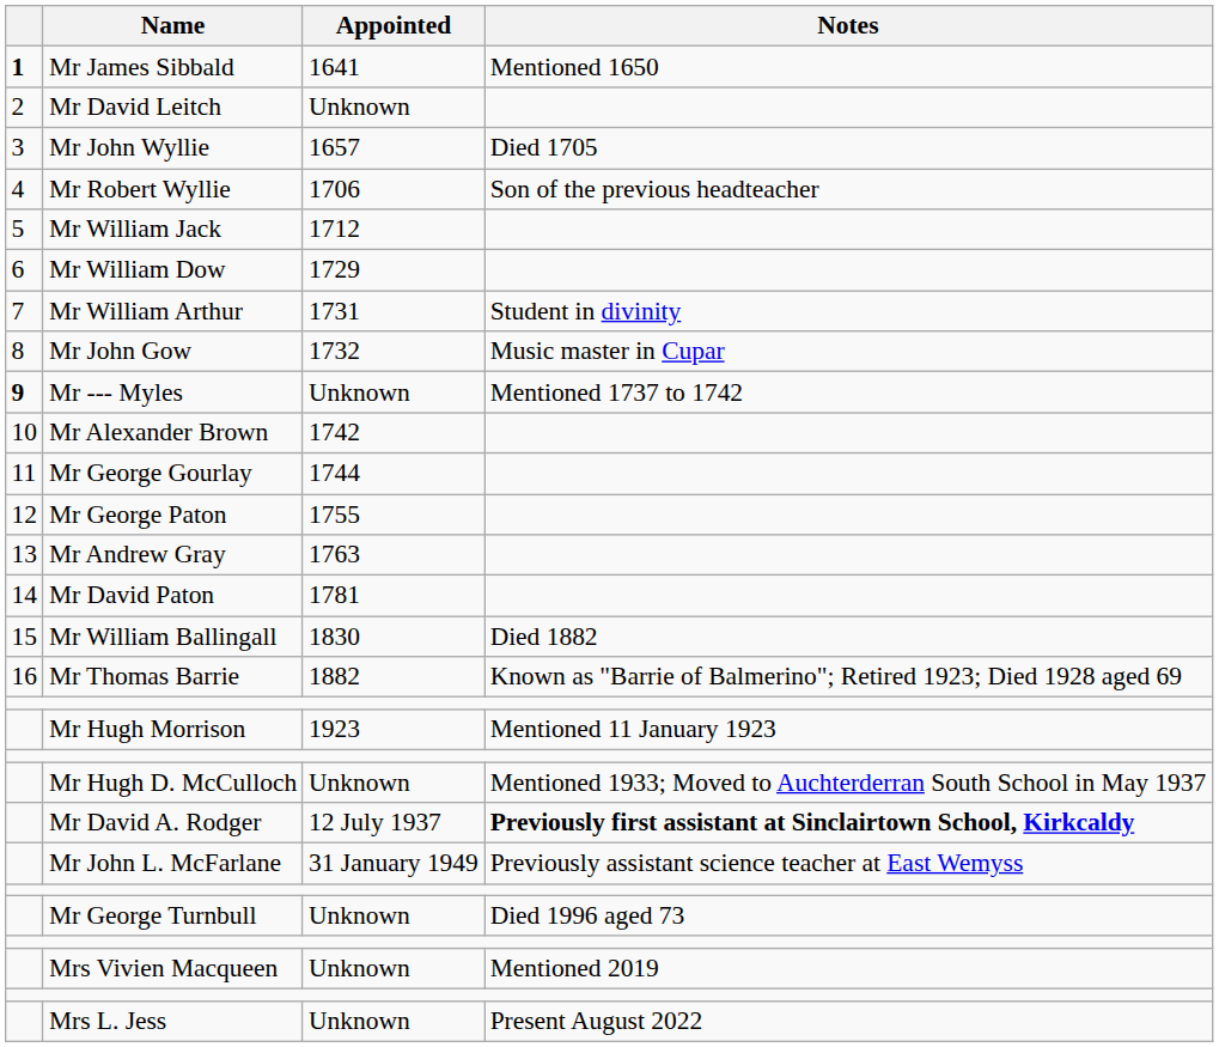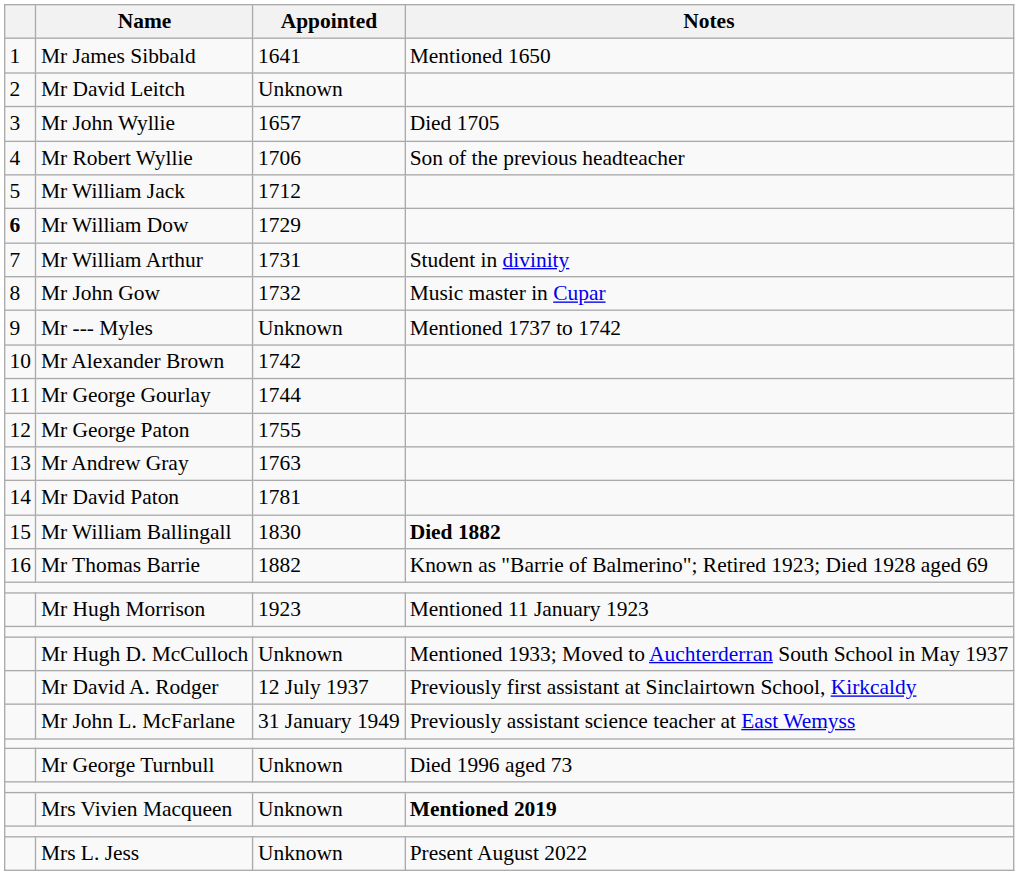 <table class="wikitable">
 <tr>
 <th></th>
 <th>Name</th>
 <th>Appointed</th>
 <th>Notes</th>
 </tr>
 <tr>
-<td><strong>1</strong></td>
+<td>1</td>
 <td>Mr James Sibbald</td>
 <td>1641</td>
 <td>Mentioned 1650</td>
 </tr>
 <tr>
 <td>2</td>
 <td>Mr David Leitch</td>
 <td>Unknown</td>
 <td></td>
 </tr>
 <tr>
 <td>3</td>
 <td>Mr John Wyllie</td>
 <td>1657</td>
 <td>Died 1705</td>
 </tr>
 <tr>
 <td>4</td>
 <td>Mr Robert Wyllie</td>
 <td>1706</td>
 <td>Son of the previous headteacher</td>
 </tr>
 <tr>
 <td>5</td>
 <td>Mr William Jack</td>
 <td>1712</td>
 <td></td>
 </tr>
 <tr>
-<td>6</td>
+<td><strong>6</strong></td>
 <td>Mr William Dow</td>
 <td>1729</td>
 <td></td>
 </tr>
 <tr>
 <td>7</td>
 <td>Mr William Arthur</td>
 <td>1731</td>
 <td>Student in <a href='#'>divinity</a></td>
 </tr>
 <tr>
 <td>8</td>
 <td>Mr John Gow</td>
 <td>1732</td>
 <td>Music master in <a href='#'>Cupar</a></td>
 </tr>
 <tr>
-<td><strong>9</strong></td>
+<td>9</td>
 <td>Mr --- Myles</td>
 <td>Unknown</td>
 <td>Mentioned 1737 to 1742</td>
 </tr>
 <tr>
 <td>10</td>
 <td>Mr Alexander Brown</td>
 <td>1742</td>
 <td></td>
 </tr>
 <tr>
 <td>11</td>
 <td>Mr George Gourlay</td>
 <td>1744</td>
 <td></td>
 </tr>
 <tr>
 <td>12</td>
 <td>Mr George Paton</td>
 <td>1755</td>
 <td></td>
 </tr>
 <tr>
 <td>13</td>
 <td>Mr Andrew Gray</td>
 <td>1763</td>
 <td></td>
 </tr>
 <tr>
 <td>14</td>
 <td>Mr David Paton</td>
 <td>1781</td>
 <td></td>
 </tr>
 <tr>
 <td>15</td>
 <td>Mr William Ballingall</td>
 <td>1830</td>
-<td>Died 1882</td>
+<td><strong>Died 1882</strong></td>
 </tr>
 <tr>
 <td>16</td>
 <td>Mr Thomas Barrie</td>
 <td>1882</td>
 <td>Known as "Barrie of Balmerino"; Retired 1923; Died 1928 aged 69</td>
 </tr>
 <tr>
 <td colspan="4"></td>
 </tr>
 <tr>
 <td></td>
 <td>Mr Hugh Morrison</td>
 <td>1923</td>
 <td>Mentioned 11 January 1923</td>
 </tr>
 <tr>
 <td colspan="4"></td>
 </tr>
 <tr>
 <td></td>
 <td>Mr Hugh D. McCulloch</td>
 <td>Unknown</td>
 <td>Mentioned 1933; Moved to <a href='#'>Auchterderran</a> South School in May 1937</td>
 </tr>
 <tr>
 <td></td>
 <td>Mr David A. Rodger</td>
 <td>12 July 1937</td>
-<td><strong>Previously first assistant at Sinclairtown School, <a href='#'>Kirkcaldy</a></strong></td>
+<td>Previously first assistant at Sinclairtown School, <a href='#'>Kirkcaldy</a></td>
 </tr>
 <tr>
 <td></td>
 <td>Mr John L. McFarlane</td>
 <td>31 January 1949</td>
 <td>Previously assistant science teacher at <a href='#'>East Wemyss</a></td>
 </tr>
 <tr>
 <td colspan="4"></td>
 </tr>
 <tr>
 <td></td>
 <td>Mr George Turnbull</td>
 <td>Unknown</td>
 <td>Died 1996 aged 73</td>
 </tr>
 <tr>
 <td colspan="4"></td>
 </tr>
 <tr>
 <td></td>
 <td>Mrs Vivien Macqueen</td>
 <td>Unknown</td>
-<td>Mentioned 2019</td>
+<td><strong>Mentioned 2019</strong></td>
 </tr>
 <tr>
 <td colspan="4"></td>
 </tr>
 <tr>
 <td></td>
 <td>Mrs L. Jess</td>
 <td>Unknown</td>
 <td>Present August 2022</td>
 </tr>
 </table>
